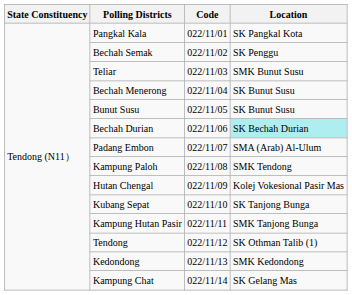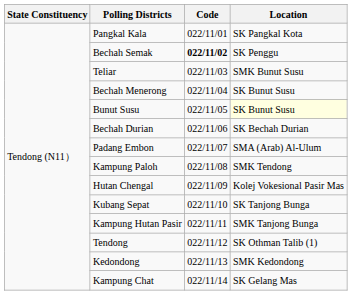 <table class="wikitable sortable mw-collapsible">
 <tr>
 <th><small>State Constituency</small></th>
 <th><small>Polling Districts</small></th>
 <th><small>Code</small></th>
 <th><small>Location</small></th>
 </tr>
 <tr>
 <td rowspan="14"><small>Tendong (N11）</small></td>
 <td><small>Pangkal Kala</small></td>
 <td><small>022/11/01</small></td>
 <td><small>SK Pangkal Kota</small></td>
 </tr>
 <tr>
 <td><small>Bechah Semak</small></td>
-<td><small>022/11/02</small></td>
+<td><strong><small>022/11/02</small></strong></td>
 <td><small>SK Penggu</small></td>
 </tr>
 <tr>
 <td><small>Teliar</small></td>
 <td><small>022/11/03</small></td>
 <td><small>SMK Bunut Susu</small></td>
 </tr>
 <tr>
 <td><small>Bechah Menerong</small></td>
 <td><small>022/11/04</small></td>
 <td><small>SK Bunut Susu</small></td>
 </tr>
 <tr>
 <td><small>Bunut Susu</small></td>
 <td><small>022/11/05</small></td>
-<td><small>SK Bunut Susu</small></td>
+<td style="background: lightyellow;"><small>SK Bunut Susu</small></td>
 </tr>
 <tr>
 <td><small>Bechah Durian</small></td>
 <td><small>022/11/06</small></td>
-<td style="background: paleturquoise;"><small>SK Bechah Durian</small></td>
+<td><small>SK Bechah Durian</small></td>
 </tr>
 <tr>
 <td><small>Padang Embon</small></td>
 <td><small>022/11/07</small></td>
 <td><small>SMA (Arab) Al-Ulum</small></td>
 </tr>
 <tr>
 <td><small>Kampung Paloh</small></td>
 <td><small>022/11/08</small></td>
 <td><small>SMK Tendong</small></td>
 </tr>
 <tr>
 <td><small>Hutan Chengal</small></td>
 <td><small>022/11/09</small></td>
 <td><small>Kolej Vokesional Pasir Mas</small></td>
 </tr>
 <tr>
 <td><small>Kubang Sepat</small></td>
 <td><small>022/11/10</small></td>
 <td><small>SK Tanjong Bunga</small></td>
 </tr>
 <tr>
 <td><small>Kampung Hutan Pasir</small></td>
 <td><small>022/11/11</small></td>
 <td><small>SMK Tanjong Bunga</small></td>
 </tr>
 <tr>
 <td><small>Tendong</small></td>
 <td><small>022/11/12</small></td>
 <td><small>SK Othman Talib (1)</small></td>
 </tr>
 <tr>
 <td><small>Kedondong</small></td>
 <td><small>022/11/13</small></td>
 <td><small>SMK Kedondong</small></td>
 </tr>
 <tr>
 <td><small>Kampung Chat</small></td>
 <td><small>022/11/14</small></td>
 <td><small>SK Gelang Mas</small></td>
 </tr>
 </table>
